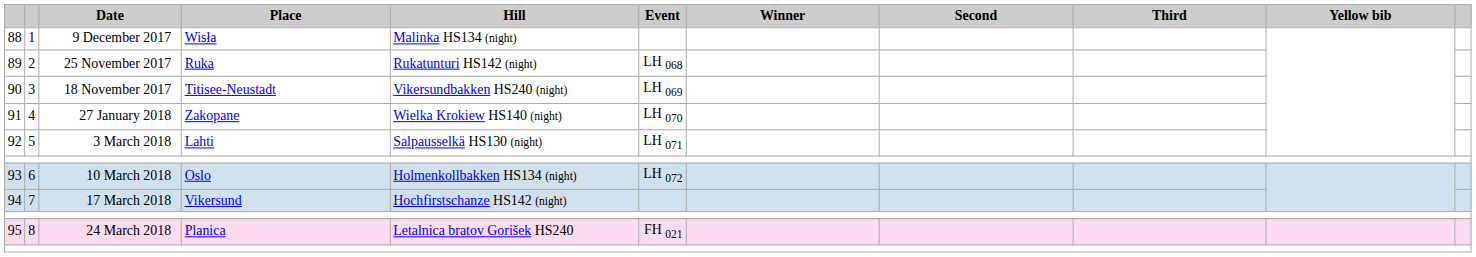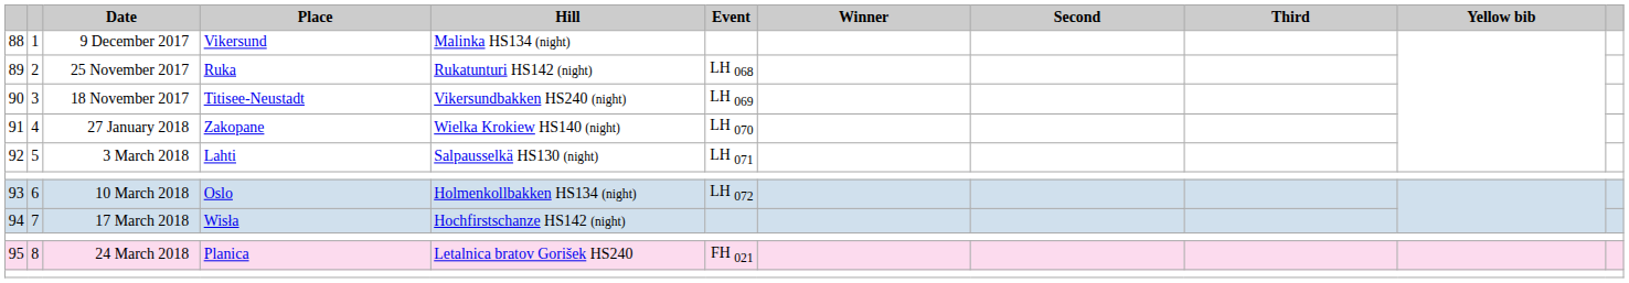 <table class="wikitable plainrowheaders" style="background:#fff; font-size:86%; line-height:16px; border:grey solid 1px; border-collapse:collapse;">
 <tr style="background:#ccc; text-align:center;">
 <th scope="col" style="background:#ccc; width=20 px;"></th>
 <th scope="col" style="background:#ccc; width=30 px;"></th>
 <th scope="col" style="background:#ccc; width:135px;">Date</th>
 <th scope="col" style="background:#ccc; width:200px;">Place</th>
 <th scope="col" style="background:#ccc; width:240px;">Hill</th>
 <th scope="col" style="background:#ccc; width:40px;">Event</th>
 <th scope="col" style="background:#ccc; width:185px;">Winner</th>
 <th scope="col" style="background:#ccc; width:185px;">Second</th>
 <th scope="col" style="background:#ccc; width:185px;">Third</th>
 <th scope="col" style="background:#ccc; width:180px;">Yellow bib</th>
 <th scope="col" style="background:#ccc; width:10px;"></th>
 </tr>
 <tr>
 <td align=center>88</td>
 <td align=center>1</td>
 <td align=right>9 December 2017  </td>
-<td> <a href='#'>Wisła</a></td>
+<td> <a href='#'>Vikersund</a></td>
 <td><a href='#'>Malinka</a> HS134 <small>(night)</small></td>
 <td align=right></td>
 <td></td>
 <td></td>
 <td></td>
 <td rowspan=5></td>
 <td></td>
 </tr>
 <tr>
 <td align=center>89</td>
 <td align=center>2</td>
 <td align=right>25 November 2017  </td>
 <td> <a href='#'>Ruka</a></td>
 <td><a href='#'>Rukatunturi</a> HS142 <small>(night)</small></td>
 <td align=right>LH <sub>068</sub></td>
 <td></td>
 <td></td>
 <td></td>
 <td></td>
 </tr>
 <tr>
 <td align=center>90</td>
 <td align=center>3</td>
 <td align=right>18 November 2017  </td>
 <td> <a href='#'>Titisee-Neustadt</a></td>
 <td><a href='#'>Vikersundbakken</a> HS240 <small>(night)</small></td>
 <td align=right>LH <sub>069</sub></td>
 <td></td>
 <td></td>
 <td></td>
 <td></td>
 </tr>
 <tr>
 <td align=center>91</td>
 <td align=center>4</td>
 <td align=right>27 January 2018  </td>
 <td> <a href='#'>Zakopane</a></td>
 <td><a href='#'>Wielka Krokiew</a> HS140 <small>(night)</small></td>
 <td align=right>LH <sub>070</sub></td>
 <td></td>
 <td></td>
 <td></td>
 <td></td>
 </tr>
 <tr>
 <td align=center>92</td>
 <td align=center>5</td>
 <td align=right>3 March 2018  </td>
 <td> <a href='#'>Lahti</a></td>
 <td><a href='#'>Salpausselkä</a> HS130 <small>(night)</small></td>
 <td align=right>LH <sub>071</sub></td>
 <td></td>
 <td></td>
 <td></td>
 <td></td>
 </tr>
 <tr>
 <td colspan=11></td>
 </tr>
 <tr bgcolor=#d0e0ed>
 <td align=center>93</td>
 <td align=center>6</td>
 <td align=right>10 March 2018  </td>
 <td> <a href='#'>Oslo</a></td>
 <td><a href='#'>Holmenkollbakken</a> HS134 <small>(night)</small></td>
 <td align=right>LH <sub>072</sub></td>
 <td></td>
 <td></td>
 <td></td>
 <td rowspan=2></td>
 <td></td>
 </tr>
 <tr bgcolor=#d0e0ed>
 <td align=center>94</td>
 <td align=center>7</td>
 <td align=right>17 March 2018  </td>
-<td> <a href='#'>Vikersund</a></td>
+<td> <a href='#'>Wisła</a></td>
 <td><a href='#'>Hochfirstschanze</a> HS142 <small>(night)</small></td>
 <td align=right></td>
 <td></td>
 <td></td>
 <td></td>
 <td></td>
 </tr>
 <tr>
 <td colspan=11></td>
 </tr>
 <tr bgcolor=#fcdbee>
 <td align=center>95</td>
 <td align=center>8</td>
 <td align=right>24 March 2018  </td>
 <td> <a href='#'>Planica</a></td>
 <td><a href='#'>Letalnica bratov Gorišek</a> HS240</td>
 <td align=right>FH <sub>021</sub></td>
 <td></td>
 <td></td>
 <td></td>
 <td></td>
 <td></td>
 </tr>
 <tr>
 <td colspan=11></td>
 </tr>
 </table>
